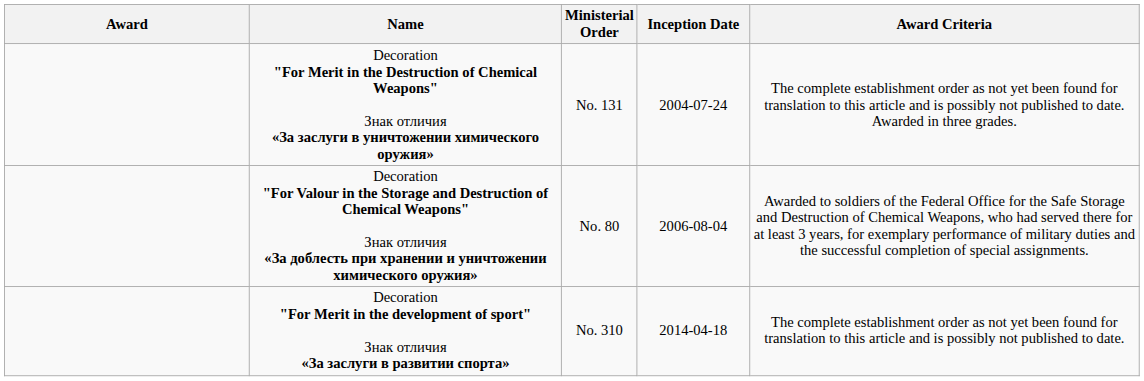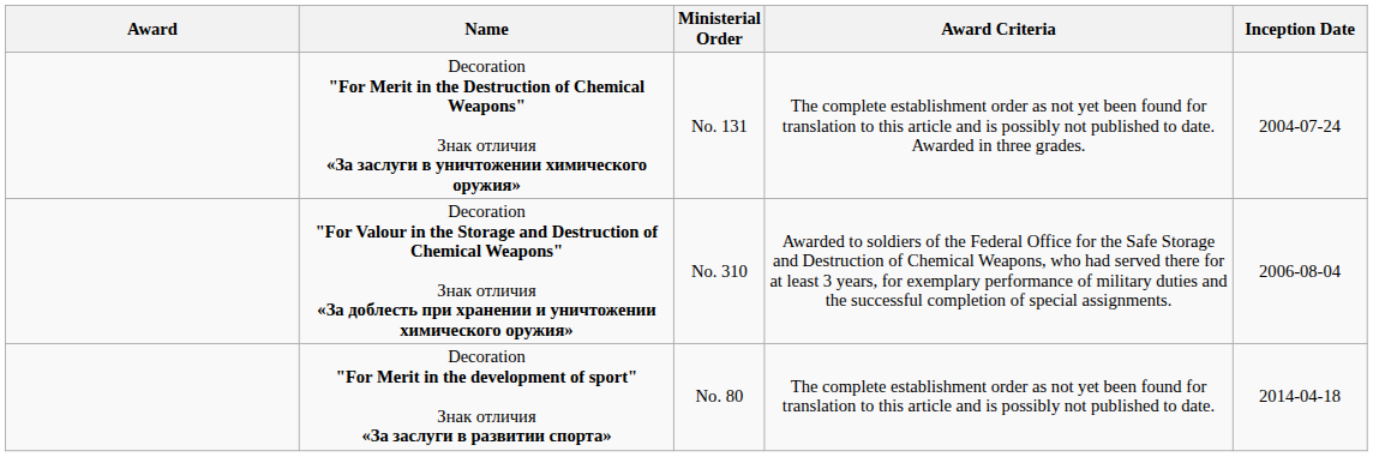 <table class="wikitable sortable" style="text-align:center">
 <tr>
 <th style="width:22%">Award</th>
 <th style="width:28%">Name </th>
 <th>Ministerial Order</th>
+<th style="width:35%">Award Criteria</th>
 <th style="width:10%">Inception Date</th>
-<th style="width:35%">Award Criteria</th>
 </tr>
 <tr>
 <td></td>
 <td>Decoration<br><strong>"For Merit in the Destruction of Chemical Weapons"</strong><br><br>Знак отличия<br><strong>«За заслуги в уничтожении химического оружия»</strong></td>
 <td>No. 131</td>
+<td>The complete establishment order as not yet been found for translation to this article and is possibly not published to date. Awarded in three grades.</td>
 <td>2004-07-24</td>
-<td>The complete establishment order as not yet been found for translation to this article and is possibly not published to date. Awarded in three grades.</td>
 </tr>
 <tr>
 <td></td>
 <td>Decoration<br><strong>"For Valour in the Storage and Destruction of Chemical Weapons"</strong><br><br>Знак отличия<br><strong>«За доблесть при хранении и уничтожении химического оружия»</strong></td>
-<td>No. 80</td>
+<td>No. 310</td>
+<td>Awarded to soldiers of the Federal Office for the Safe Storage and Destruction of Chemical Weapons, who had served there for at least 3 years, for exemplary performance of military duties and the successful completion of special assignments.</td>
 <td>2006-08-04</td>
-<td>Awarded to soldiers of the Federal Office for the Safe Storage and Destruction of Chemical Weapons, who had served there for at least 3 years, for exemplary performance of military duties and the successful completion of special assignments.</td>
 </tr>
 <tr>
 <td></td>
 <td>Decoration<br><strong>"For Merit in the development of sport"</strong><br><br>Знак отличия<br><strong>«За заслуги в развитии спорта»</strong></td>
-<td>No. 310</td>
+<td>No. 80</td>
+<td>The complete establishment order as not yet been found for translation to this article and is possibly not published to date.</td>
 <td>2014-04-18</td>
-<td>The complete establishment order as not yet been found for translation to this article and is possibly not published to date.</td>
 </tr>
 </table>
